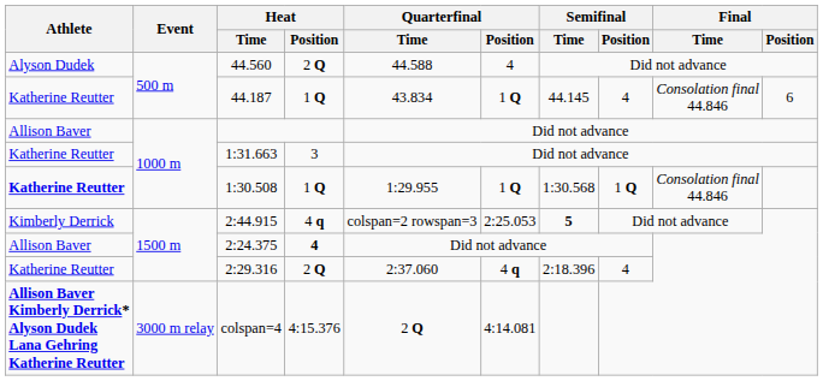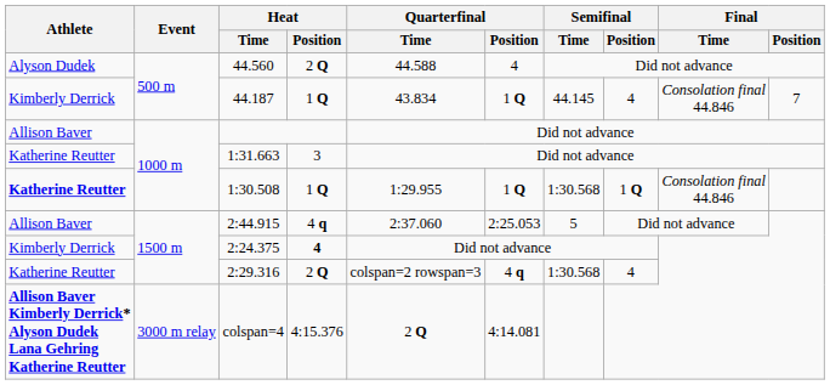 <table class=wikitable style=font-size:90%;text-align:center>
 <tr>
 <th rowspan=2>Athlete</th>
 <th rowspan=2>Event</th>
 <th colspan=2>Heat</th>
 <th colspan=2>Quarterfinal</th>
 <th colspan=2>Semifinal</th>
 <th colspan=2>Final</th>
 </tr>
 <tr style=font-size:95%>
 <th>Time</th>
 <th>Position</th>
 <th>Time</th>
 <th>Position</th>
 <th>Time</th>
 <th>Position</th>
 <th>Time</th>
 <th>Position</th>
 </tr>
 <tr>
 <td align=left><a href='#'>Alyson Dudek</a></td>
 <td align=left rowspan=2><a href='#'>500 m</a></td>
 <td>44.560</td>
 <td>2 <strong>Q</strong></td>
 <td>44.588</td>
 <td>4</td>
 <td colspan=4>Did not advance</td>
 </tr>
 <tr>
-<td align=left><a href='#'>Katherine Reutter</a></td>
+<td align=left><a href='#'>Kimberly Derrick</a></td>
 <td>44.187</td>
 <td>1 <strong>Q</strong></td>
 <td>43.834</td>
 <td>1 <strong>Q</strong></td>
 <td>44.145</td>
 <td>4</td>
 <td><em>Consolation final</em><br>44.846</td>
-<td>6</td>
+<td>7</td>
 </tr>
 <tr>
 <td align=left><a href='#'>Allison Baver</a></td>
 <td align=left rowspan=3><a href='#'>1000 m</a></td>
 <td colspan=2></td>
 <td colspan=6>Did not advance</td>
 </tr>
 <tr>
 <td align=left><a href='#'>Katherine Reutter</a></td>
 <td>1:31.663</td>
 <td>3</td>
 <td colspan=6>Did not advance</td>
 </tr>
 <tr>
 <td align=left><strong><a href='#'>Katherine Reutter</a></strong></td>
 <td>1:30.508 </td>
 <td>1 <strong>Q</strong></td>
 <td>1:29.955</td>
 <td>1 <strong>Q</strong></td>
 <td>1:30.568</td>
 <td>1 <strong>Q</strong></td>
 <td><em>Consolation final</em><br>44.846</td>
 <td></td>
 </tr>
 <tr>
-<td align=left><a href='#'>Kimberly Derrick</a></td>
+<td align=left><a href='#'>Allison Baver</a></td>
 <td align=left rowspan=3><a href='#'>1500 m</a></td>
 <td>2:44.915</td>
 <td>4 <strong>q</strong></td>
-<td>colspan=2 rowspan=3 </td>
+<td>2:37.060</td>
 <td>2:25.053</td>
-<td><strong>5</strong></td>
+<td>5</td>
 <td colspan=2>Did not advance</td>
 </tr>
 <tr>
-<td align=left><a href='#'>Allison Baver</a></td>
+<td align=left><a href='#'>Kimberly Derrick</a></td>
 <td>2:24.375</td>
 <td><strong>4</strong></td>
 <td colspan=4>Did not advance</td>
 </tr>
 <tr>
 <td align=left><a href='#'>Katherine Reutter</a></td>
 <td>2:29.316</td>
 <td>2 <strong>Q</strong></td>
-<td>2:37.060</td>
+<td>colspan=2 rowspan=3 </td>
 <td>4 <strong>q</strong></td>
-<td>2:18.396</td>
+<td>1:30.568</td>
 <td>4</td>
 </tr>
 <tr>
 <td align=left><strong><a href='#'>Allison Baver</a><br><a href='#'>Kimberly Derrick</a>*<br><a href='#'>Alyson Dudek</a><br><a href='#'>Lana Gehring</a><br><a href='#'>Katherine Reutter</a></strong></td>
 <td align=left><a href='#'>3000 m relay</a></td>
 <td>colspan=4 </td>
 <td>4:15.376</td>
 <td>2 <strong>Q</strong></td>
 <td>4:14.081</td>
 <td></td>
 </tr>
 </table>
